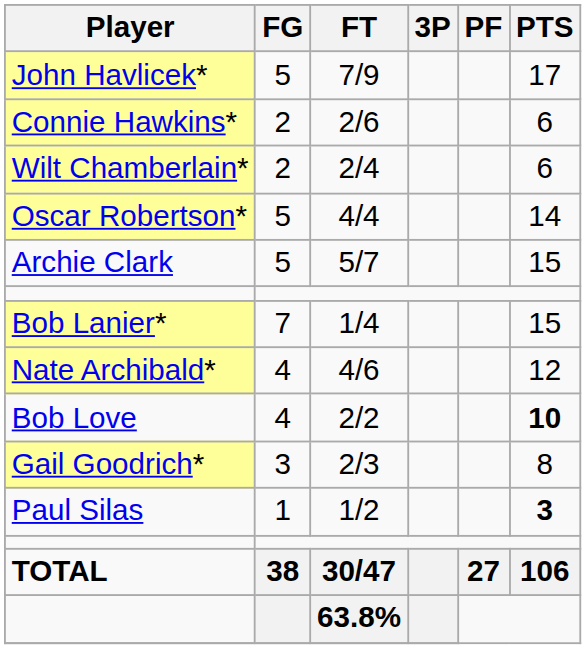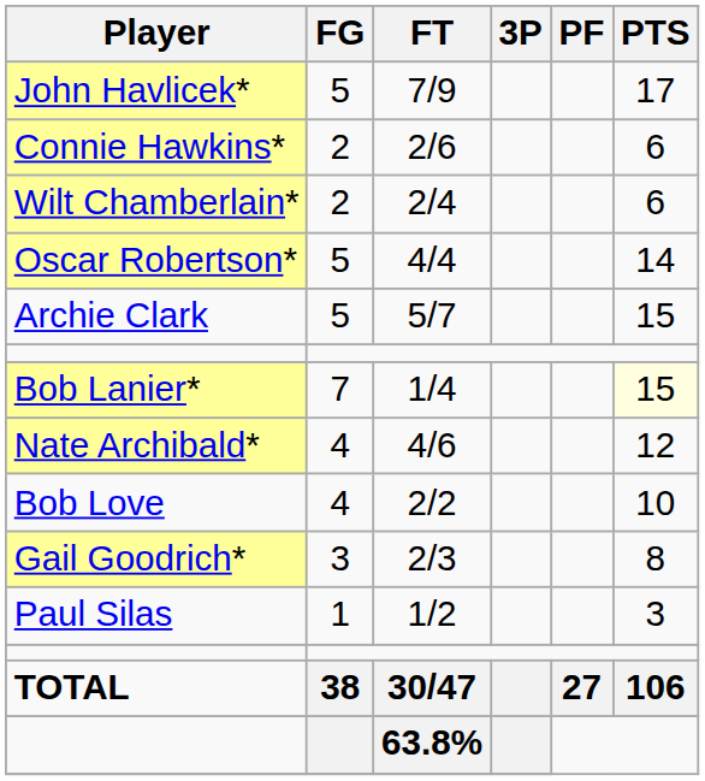 <table class="wikitable sortable">
 <tr>
 <th>Player</th>
 <th>FG</th>
 <th>FT</th>
 <th>3P</th>
 <th>PF</th>
 <th>PTS</th>
 </tr>
 <tr>
 <td bgcolor="#FFFF99"><a href='#'>John Havlicek</a>*</td>
 <td align="center">5</td>
 <td align="center">7/9</td>
 <td align="center"></td>
 <td align="center"></td>
 <td align="center">17</td>
 </tr>
 <tr>
 <td bgcolor="#FFFF99"><a href='#'>Connie Hawkins</a>*</td>
 <td align="center">2</td>
 <td align="center">2/6</td>
 <td align="center"></td>
 <td align="center"></td>
 <td align="center">6</td>
 </tr>
 <tr>
 <td bgcolor="#FFFF99"><a href='#'>Wilt Chamberlain</a>*</td>
 <td align="center">2</td>
 <td align="center">2/4</td>
 <td align="center"></td>
 <td align="center"></td>
 <td align="center">6</td>
 </tr>
 <tr>
 <td bgcolor="#FFFF99"><a href='#'>Oscar Robertson</a>*</td>
 <td align="center">5</td>
 <td align="center">4/4</td>
 <td align="center"></td>
 <td align="center"></td>
 <td align="center">14</td>
 </tr>
 <tr>
 <td><a href='#'>Archie Clark</a></td>
 <td align="center">5</td>
 <td align="center">5/7</td>
 <td align="center"></td>
 <td align="center"></td>
 <td align="center">15</td>
 </tr>
 <tr>
 <td></td>
 </tr>
 <tr>
 <td bgcolor="#FFFF99"><a href='#'>Bob Lanier</a>*</td>
 <td align="center">7</td>
 <td align="center">1/4</td>
 <td align="center"></td>
 <td align="center"></td>
-<td align="center">15</td>
+<td align="center" style="background: lightyellow;">15</td>
 </tr>
 <tr>
 <td bgcolor="#FFFF99"><a href='#'>Nate Archibald</a>*</td>
 <td align="center">4</td>
 <td align="center">4/6</td>
 <td align="center"></td>
 <td align="center"></td>
 <td align="center">12</td>
 </tr>
 <tr>
 <td><a href='#'>Bob Love</a></td>
 <td align="center">4</td>
 <td align="center">2/2</td>
 <td align="center"></td>
 <td align="center"></td>
-<td align="center"><strong>10</strong></td>
+<td align="center">10</td>
 </tr>
 <tr>
 <td bgcolor="#FFFF99"><a href='#'>Gail Goodrich</a>*</td>
 <td align="center">3</td>
 <td align="center">2/3</td>
 <td align="center"></td>
 <td align="center"></td>
 <td align="center">8</td>
 </tr>
 <tr>
 <td><a href='#'>Paul Silas</a></td>
 <td align="center">1</td>
 <td align="center">1/2</td>
 <td align="center"></td>
 <td align="center"></td>
-<td align="center"><strong>3</strong></td>
+<td align="center">3</td>
 </tr>
 <tr>
 <td></td>
 </tr>
 <tr>
 <td><strong>TOTAL</strong></td>
 <th align="center">38</th>
 <th align="center">30/47</th>
 <th align="center"></th>
 <th align="center">27</th>
 <th align="center">106</th>
 </tr>
 <tr>
 <td></td>
 <th align="center"></th>
 <th align="center">63.8%</th>
 <th align="center"></th>
 </tr>
 <tr>
 </tr>
 </table>
